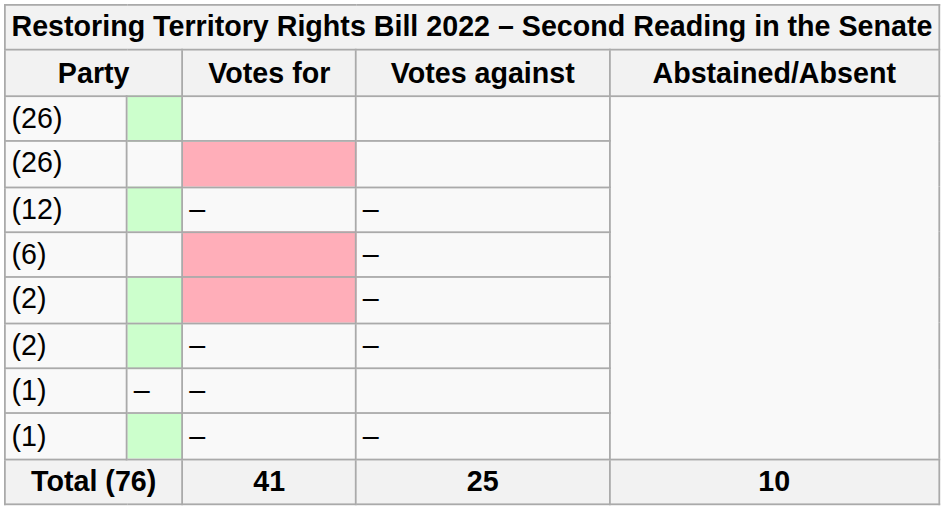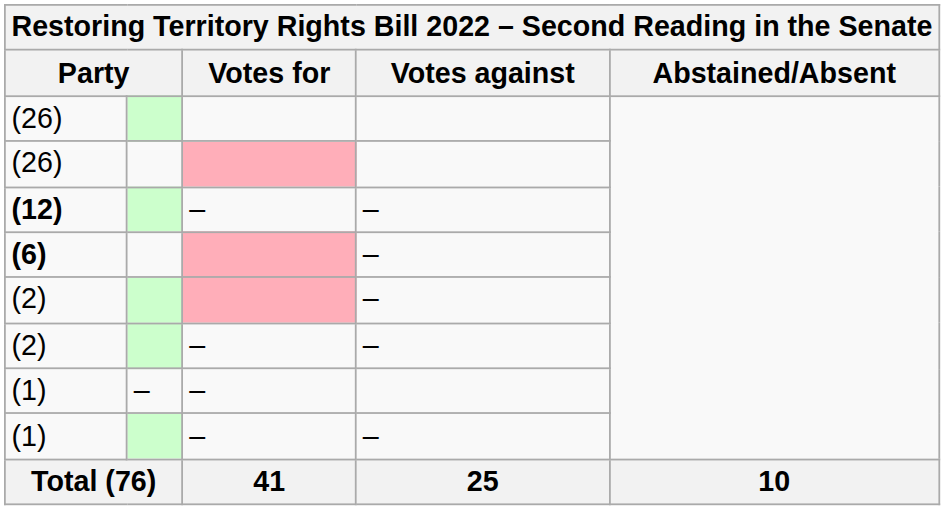 <table class="wikitable mw-collapsible mw-collapsed">
 <tr>
 <th colspan="5">Restoring Territory Rights Bill 2022 – Second Reading in the Senate</th>
 </tr>
 <tr>
 <th colspan="2">Party</th>
 <th>Votes for</th>
 <th>Votes against</th>
 <th>Abstained/Absent</th>
 </tr>
 <tr>
 <td> (26)</td>
 <td style="background-color:#CCFFCC;"></td>
 <td></td>
 <td></td>
 </tr>
 <tr>
 <td> (26)</td>
 <td></td>
 <td style="background-color:#FFAEB9;"></td>
 <td></td>
 </tr>
 <tr>
-<td> (12)</td>
+<td><strong> (12)</strong></td>
 <td style="background-color:#CCFFCC;"></td>
 <td>–</td>
 <td>–</td>
 </tr>
 <tr>
-<td> (6)</td>
+<td><strong> (6)</strong></td>
 <td></td>
 <td style="background-color:#FFAEB9;"></td>
 <td>–</td>
 </tr>
 <tr>
 <td> (2)</td>
 <td style="background-color:#CCFFCC;"></td>
 <td style="background-color:#FFAEB9;"></td>
 <td>–</td>
 </tr>
 <tr>
 <td> (2)</td>
 <td style="background-color:#CCFFCC;"></td>
 <td>–</td>
 <td>–</td>
 </tr>
 <tr>
 <td> (1)</td>
 <td>–</td>
 <td>–</td>
 <td></td>
 </tr>
 <tr>
 <td> (1)</td>
 <td style="background-color:#CCFFCC;"></td>
 <td>–</td>
 <td>–</td>
 </tr>
 <tr>
 <th colspan=2>Total (76)</th>
 <th>41</th>
 <th>25</th>
 <th>10</th>
 </tr>
 </table>
